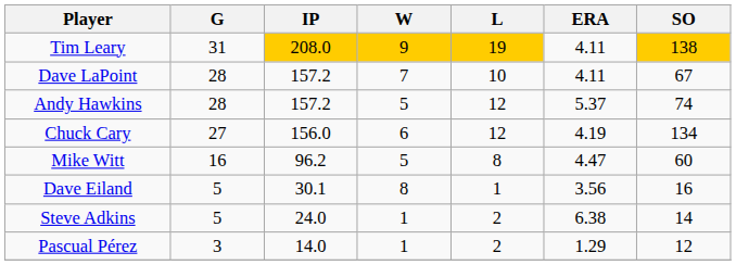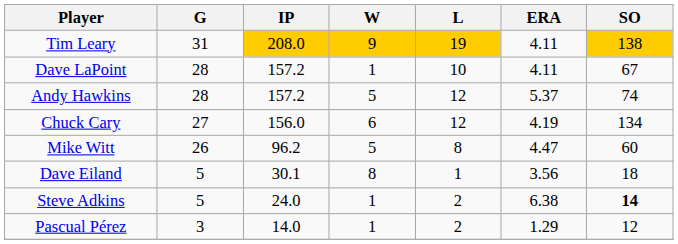 <table class="wikitable sortable">
 <tr>
 <th bgcolor="#DDDDFF" width="16%">Player</th>
 <th bgcolor="#DDDDFF" width="9%">G</th>
 <th bgcolor="#DDDDFF" width="9%">IP</th>
 <th bgcolor="#DDDDFF" width="9%">W</th>
 <th bgcolor="#DDDDFF" width="9%">L</th>
 <th bgcolor="#DDDDFF" width="9%">ERA</th>
 <th bgcolor="#DDDDFF" width="9%">SO</th>
 </tr>
 <tr align="center">
 <td><a href='#'>Tim Leary</a></td>
 <td>31</td>
 <td style="background:#fc0;">208.0</td>
 <td style="background:#fc0;">9</td>
 <td style="background:#fc0;">19</td>
 <td>4.11</td>
 <td style="background:#fc0;">138</td>
 </tr>
 <tr align="center">
 <td><a href='#'>Dave LaPoint</a></td>
 <td>28</td>
 <td>157.2</td>
-<td>7</td>
+<td>1</td>
 <td>10</td>
 <td>4.11</td>
 <td>67</td>
 </tr>
 <tr align="center">
 <td><a href='#'>Andy Hawkins</a></td>
 <td>28</td>
 <td>157.2</td>
 <td>5</td>
 <td>12</td>
 <td>5.37</td>
 <td>74</td>
 </tr>
 <tr align="center">
 <td><a href='#'>Chuck Cary</a></td>
 <td>27</td>
 <td>156.0</td>
 <td>6</td>
 <td>12</td>
 <td>4.19</td>
 <td>134</td>
 </tr>
 <tr align=center>
 <td><a href='#'>Mike Witt</a></td>
-<td>16</td>
+<td>26</td>
 <td>96.2</td>
 <td>5</td>
 <td>8</td>
 <td>4.47</td>
 <td>60</td>
 </tr>
 <tr align="center">
 <td><a href='#'>Dave Eiland</a></td>
 <td>5</td>
 <td>30.1</td>
 <td>8</td>
 <td>1</td>
 <td>3.56</td>
-<td>16</td>
+<td>18</td>
 </tr>
 <tr align="center">
 <td><a href='#'>Steve Adkins</a></td>
 <td>5</td>
 <td>24.0</td>
 <td>1</td>
 <td>2</td>
 <td>6.38</td>
-<td>14</td>
+<td><strong>14</strong></td>
 </tr>
 <tr align=center>
 <td><a href='#'>Pascual Pérez</a></td>
 <td>3</td>
 <td>14.0</td>
 <td>1</td>
 <td>2</td>
 <td>1.29</td>
 <td>12</td>
 </tr>
 <tr align="center">
 </tr>
 </table>
